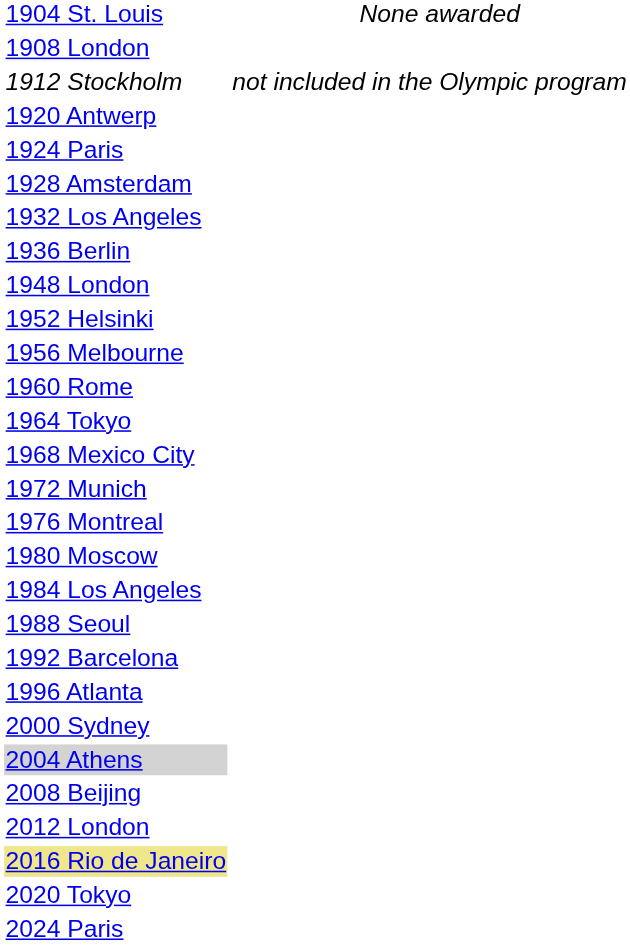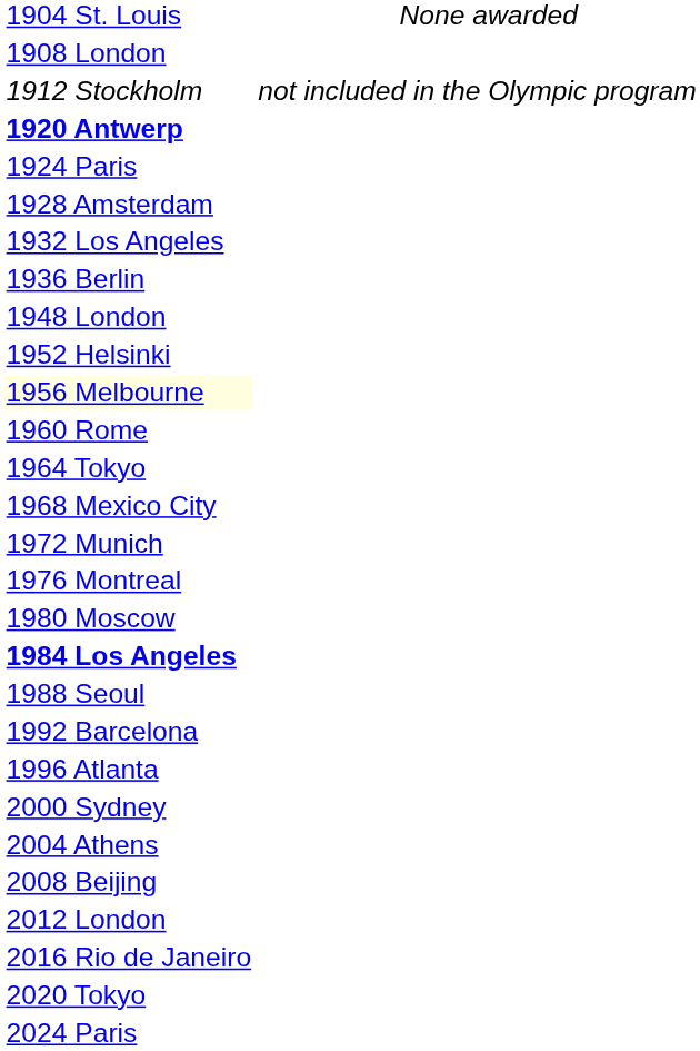 <table>
 <tr valign="top">
 <td><a href='#'>1904 St. Louis</a><br></td>
 <td></td>
 <td></td>
 <td style="text-align:center;"><em>None awarded</em></td>
 </tr>
 <tr valign="top">
 <td><a href='#'>1908 London</a><br></td>
 <td></td>
 <td></td>
 <td></td>
 </tr>
 <tr>
 <td><em>1912 Stockholm</em></td>
 <td colspan="3" style="text-align:center;"><em>not included in the Olympic program</em></td>
 </tr>
 <tr valign="top">
-<td><a href='#'>1920 Antwerp</a><br></td>
+<td><strong><a href='#'>1920 Antwerp</a><br></strong></td>
 <td></td>
 <td></td>
 <td></td>
 </tr>
 <tr valign="top">
 <td><a href='#'>1924 Paris</a><br></td>
 <td></td>
 <td></td>
 <td></td>
 </tr>
 <tr valign="top">
 <td><a href='#'>1928 Amsterdam</a><br></td>
 <td></td>
 <td></td>
 <td></td>
 </tr>
 <tr valign="top">
 <td><a href='#'>1932 Los Angeles</a><br></td>
 <td></td>
 <td></td>
 <td></td>
 </tr>
 <tr valign="top">
 <td><a href='#'>1936 Berlin</a><br></td>
 <td></td>
 <td></td>
 <td></td>
 </tr>
 <tr valign="top">
 <td><a href='#'>1948 London</a><br></td>
 <td></td>
 <td></td>
 <td></td>
 </tr>
 <tr valign="top">
 <td><a href='#'>1952 Helsinki</a><br></td>
 <td></td>
 <td></td>
 <td><br></td>
 </tr>
 <tr valign="top">
-<td><a href='#'>1956 Melbourne</a><br></td>
+<td style="background: lightyellow;"><a href='#'>1956 Melbourne</a><br></td>
 <td></td>
 <td></td>
 <td><br></td>
 </tr>
 <tr valign="top">
 <td><a href='#'>1960 Rome</a><br></td>
 <td></td>
 <td></td>
 <td><br></td>
 </tr>
 <tr valign="top">
 <td><a href='#'>1964 Tokyo</a><br></td>
 <td></td>
 <td></td>
 <td><br></td>
 </tr>
 <tr valign="top">
 <td><a href='#'>1968 Mexico City</a><br></td>
 <td></td>
 <td></td>
 <td><br></td>
 </tr>
 <tr valign="top">
 <td><a href='#'>1972 Munich</a><br></td>
 <td></td>
 <td></td>
 <td><br></td>
 </tr>
 <tr valign="top">
 <td><a href='#'>1976 Montreal</a><br></td>
 <td></td>
 <td></td>
 <td><br></td>
 </tr>
 <tr valign="top">
 <td><a href='#'>1980 Moscow</a><br></td>
 <td></td>
 <td></td>
 <td><br></td>
 </tr>
 <tr valign="top">
-<td><a href='#'>1984 Los Angeles</a><br></td>
+<td><strong><a href='#'>1984 Los Angeles</a><br></strong></td>
 <td></td>
 <td></td>
 <td><br></td>
 </tr>
 <tr valign="top">
 <td><a href='#'>1988 Seoul</a><br></td>
 <td></td>
 <td></td>
 <td><br></td>
 </tr>
 <tr valign="top">
 <td><a href='#'>1992 Barcelona</a><br></td>
 <td></td>
 <td></td>
 <td><br></td>
 </tr>
 <tr valign="top">
 <td><a href='#'>1996 Atlanta</a><br></td>
 <td></td>
 <td></td>
 <td><br></td>
 </tr>
 <tr valign="top">
 <td><a href='#'>2000 Sydney</a><br></td>
 <td></td>
 <td></td>
 <td><br></td>
 </tr>
 <tr valign="top">
-<td style="background: lightgrey;"><a href='#'>2004 Athens</a><br></td>
+<td><a href='#'>2004 Athens</a><br></td>
 <td></td>
 <td></td>
 <td><br></td>
 </tr>
 <tr valign="top">
 <td><a href='#'>2008 Beijing</a><br></td>
 <td></td>
 <td></td>
 <td><br></td>
 </tr>
 <tr valign="top">
 <td><a href='#'>2012 London</a><br></td>
 <td></td>
 <td></td>
 <td><br> </td>
 </tr>
 <tr valign="top">
-<td style="background: khaki;"><a href='#'>2016 Rio de Janeiro</a><br></td>
+<td><a href='#'>2016 Rio de Janeiro</a><br></td>
 <td></td>
 <td></td>
 <td><br></td>
 </tr>
 <tr valign="top">
 <td><a href='#'>2020 Tokyo</a><br></td>
 <td></td>
 <td></td>
 <td><br></td>
 </tr>
 <tr valign="top">
 <td><a href='#'>2024 Paris</a><br></td>
 <td></td>
 <td></td>
 <td><br></td>
 </tr>
 </table>
